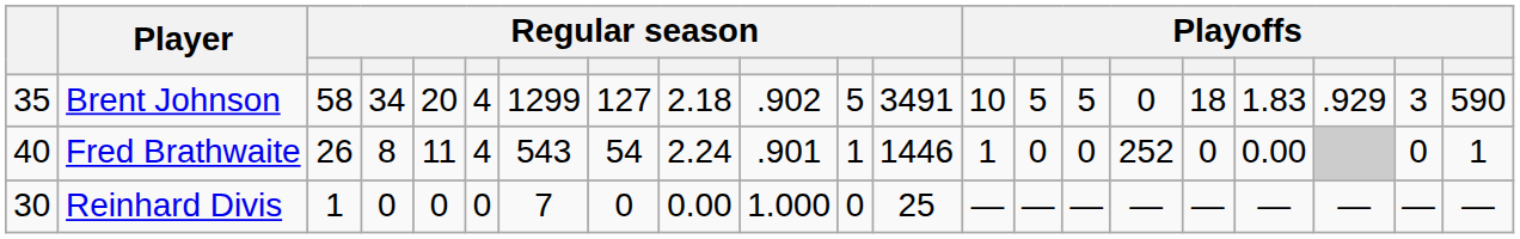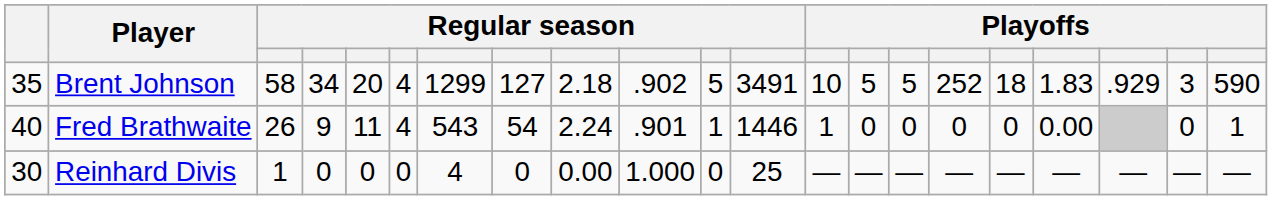 <table class="wikitable plainrowheaders" style="text-align:center;">
 <tr>
 <th scope="col" rowspan="2"></th>
 <th scope="col" rowspan="2">Player</th>
 <th scope=colgroup colspan=10>Regular season</th>
 <th scope=colgroup colspan=9>Playoffs</th>
 </tr>
 <tr>
 <th scope="col"></th>
 <th scope="col"></th>
 <th scope="col"></th>
 <th scope="col"></th>
 <th scope="col"></th>
 <th scope="col"></th>
 <th scope="col"></th>
 <th scope="col"></th>
 <th scope="col"></th>
 <th scope="col"></th>
 <th scope="col"></th>
 <th scope="col"></th>
 <th scope="col"></th>
 <th scope="col"></th>
 <th scope="col"></th>
 <th scope="col"></th>
 <th scope="col"></th>
 <th scope="col"></th>
 <th scope="col"></th>
 </tr>
 <tr>
 <td scope="row">35</td>
 <td align="left"><a href='#'>Brent Johnson</a></td>
 <td>58</td>
 <td>34</td>
 <td>20</td>
 <td>4</td>
 <td>1299</td>
 <td>127</td>
 <td>2.18</td>
 <td>.902</td>
 <td>5</td>
 <td>3491</td>
 <td>10</td>
 <td>5</td>
 <td>5</td>
-<td>0</td>
+<td>252</td>
 <td>18</td>
 <td>1.83</td>
 <td>.929</td>
 <td>3</td>
 <td>590</td>
 </tr>
 <tr>
 <td scope="row">40</td>
 <td align="left"><a href='#'>Fred Brathwaite</a></td>
 <td>26</td>
-<td>8</td>
+<td>9</td>
 <td>11</td>
 <td>4</td>
 <td>543</td>
 <td>54</td>
 <td>2.24</td>
 <td>.901</td>
 <td>1</td>
 <td>1446</td>
 <td>1</td>
 <td>0</td>
 <td>0</td>
-<td>252</td>
+<td>0</td>
 <td>0</td>
 <td>0.00</td>
 <td style="background:#ccc"></td>
 <td>0</td>
 <td>1</td>
 </tr>
 <tr>
 <td scope="row">30</td>
 <td align="left"><a href='#'>Reinhard Divis</a></td>
 <td>1</td>
 <td>0</td>
 <td>0</td>
 <td>0</td>
-<td>7</td>
+<td>4</td>
 <td>0</td>
 <td>0.00</td>
 <td>1.000</td>
 <td>0</td>
 <td>25</td>
 <td>—</td>
 <td>—</td>
 <td>—</td>
 <td>—</td>
 <td>—</td>
 <td>—</td>
 <td>—</td>
 <td>—</td>
 <td>—</td>
 </tr>
 </table>
